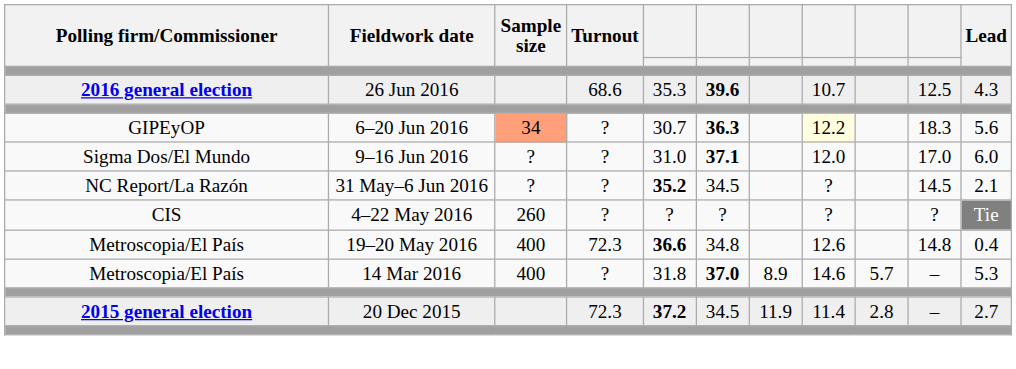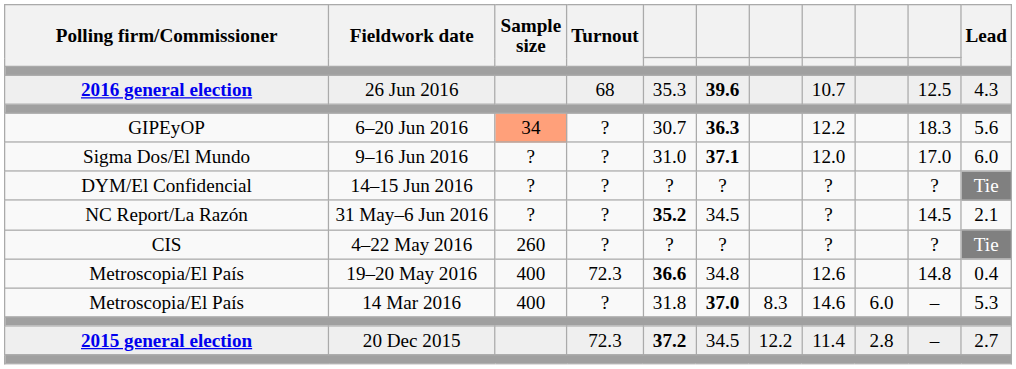 <table class="wikitable collapsible collapsed" style="text-align:center; font-size:95%; line-height:16px;">
 <tr style="height:42px; background-color:#E9E9E9">
 <th style="width:250px;" rowspan="2">Polling firm/Commissioner</th>
 <th style="width:125px;" rowspan="2">Fieldwork date</th>
 <th style="width:50px;" rowspan="2">Sample size</th>
 <th style="width:45px;" rowspan="2">Turnout</th>
 <th style="width:35px;"></th>
 <th style="width:35px;"></th>
 <th style="width:35px;"></th>
 <th style="width:35px;"></th>
 <th style="width:35px;"></th>
 <th style="width:35px;"></th>
 <th style="width:30px;" rowspan="2">Lead</th>
 </tr>
 <tr>
 <th style="color:inherit;background:"></th>
 <th style="color:inherit;background:"></th>
 <th style="color:inherit;background:"></th>
 <th style="color:inherit;background:"></th>
 <th style="color:inherit;background:"></th>
 <th style="color:inherit;background:"></th>
 </tr>
 <tr>
 <td colspan="11" style="background:#A0A0A0"></td>
 </tr>
 <tr style="background:#EFEFEF;">
 <td><strong><a href='#'>2016 general election</a></strong></td>
 <td>26 Jun 2016</td>
 <td></td>
-<td>68.6</td>
+<td>68</td>
 <td>35.3<br></td>
 <td><strong>39.6</strong><br></td>
 <td></td>
 <td>10.7<br></td>
 <td></td>
 <td>12.5<br></td>
 <td style="background:">4.3</td>
 </tr>
 <tr>
 <td colspan="11" style="background:#A0A0A0"></td>
 </tr>
 <tr>
 <td>GIPEyOP</td>
 <td>6–20 Jun 2016</td>
 <td style="background: lightsalmon;">34</td>
 <td>?</td>
 <td>30.7<br></td>
 <td><strong>36.3</strong><br></td>
 <td></td>
-<td style="background: lightyellow;">12.2<br></td>
+<td>12.2<br></td>
 <td></td>
 <td>18.3<br></td>
 <td style="background:">5.6</td>
 </tr>
 <tr>
 <td>Sigma Dos/El Mundo</td>
 <td>9–16 Jun 2016</td>
 <td>?</td>
 <td>?</td>
 <td>31.0<br></td>
 <td><strong>37.1</strong><br></td>
 <td></td>
 <td>12.0<br></td>
 <td></td>
 <td>17.0<br></td>
 <td style="background:">6.0</td>
+</tr>
+<tr>
+<td>DYM/El Confidencial</td>
+<td>14–15 Jun 2016</td>
+<td>?</td>
+<td>?</td>
+<td>?<br></td>
+<td>?<br></td>
+<td></td>
+<td>?<br></td>
+<td></td>
+<td>?<br></td>
+<td style="background:gray;color:white;">Tie</td>
 </tr>
 <tr>
 <td>NC Report/La Razón</td>
 <td>31 May–6 Jun 2016</td>
 <td>?</td>
 <td>?</td>
 <td><strong>35.2</strong><br></td>
 <td>34.5<br></td>
 <td></td>
 <td>?<br></td>
 <td></td>
 <td>14.5<br></td>
 <td style="background:">2.1</td>
 </tr>
 <tr>
 <td>CIS</td>
 <td>4–22 May 2016</td>
 <td>260</td>
 <td>?</td>
 <td>?<br></td>
 <td>?<br></td>
 <td></td>
 <td>?<br></td>
 <td></td>
 <td>?<br></td>
 <td style="background:gray;color:white;">Tie</td>
 </tr>
 <tr>
 <td>Metroscopia/El País</td>
 <td>19–20 May 2016</td>
 <td>400</td>
 <td>72.3</td>
 <td><strong>36.6</strong><br></td>
 <td>34.8<br></td>
 <td></td>
 <td>12.6<br></td>
 <td></td>
 <td>14.8<br></td>
 <td style="background:">0.4</td>
 </tr>
 <tr>
 <td>Metroscopia/El País</td>
 <td>14 Mar 2016</td>
 <td>400</td>
 <td>?</td>
 <td>31.8<br></td>
 <td><strong>37.0</strong><br></td>
-<td>8.9<br></td>
+<td>8.3<br></td>
 <td>14.6<br></td>
-<td>5.7<br></td>
+<td>6.0<br></td>
 <td>–</td>
 <td style="background:">5.3</td>
 </tr>
 <tr>
 <td colspan="11" style="background:#A0A0A0"></td>
 </tr>
 <tr style="background:#EFEFEF;">
 <td><strong><a href='#'>2015 general election</a></strong></td>
 <td>20 Dec 2015</td>
 <td></td>
 <td>72.3</td>
 <td><strong>37.2</strong><br></td>
 <td>34.5<br></td>
-<td>11.9<br></td>
+<td>12.2<br></td>
 <td>11.4<br></td>
 <td>2.8<br></td>
 <td>–</td>
 <td style="background:">2.7</td>
 </tr>
 <tr>
 <td colspan="11" style="background:#A0A0A0"></td>
 </tr>
 </table>
